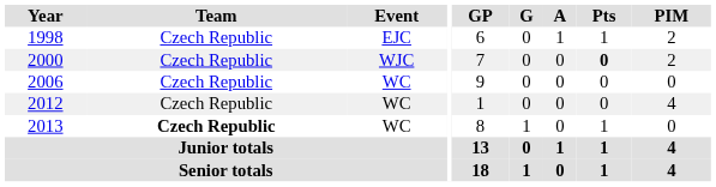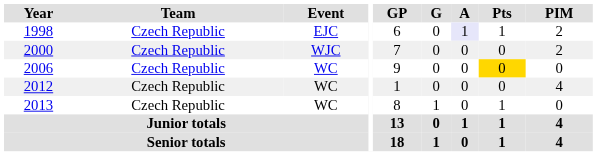 <table border="0" cellpadding="1" cellspacing="0" ID="Table3" style="text-align:center; width:40em">
 <tr bgcolor="#e0e0e0">
 <th>Year</th>
 <th>Team</th>
 <th>Event</th>
 <th rowspan="102" bgcolor="#ffffff"></th>
 <th>GP</th>
 <th>G</th>
 <th>A</th>
 <th>Pts</th>
 <th>PIM</th>
 </tr>
 <tr>
 <td><a href='#'>1998</a></td>
 <td><a href='#'>Czech Republic</a></td>
 <td><a href='#'>EJC</a></td>
 <td>6</td>
 <td>0</td>
-<td>1</td>
+<td style="background: lavender;">1</td>
 <td>1</td>
 <td>2</td>
 </tr>
 <tr bgcolor="#f0f0f0">
 <td><a href='#'>2000</a></td>
 <td><a href='#'>Czech Republic</a></td>
 <td><a href='#'>WJC</a></td>
 <td>7</td>
 <td>0</td>
 <td>0</td>
-<td><strong>0</strong></td>
+<td>0</td>
 <td>2</td>
 </tr>
 <tr>
 <td><a href='#'>2006</a></td>
 <td><a href='#'>Czech Republic</a></td>
 <td><a href='#'>WC</a></td>
 <td>9</td>
 <td>0</td>
 <td>0</td>
-<td>0</td>
+<td style="background: gold;">0</td>
 <td>0</td>
 </tr>
 <tr bgcolor="#f0f0f0">
 <td><a href='#'>2012</a></td>
 <td>Czech Republic</td>
 <td>WC</td>
 <td>1</td>
 <td>0</td>
 <td>0</td>
 <td>0</td>
 <td>4</td>
 </tr>
 <tr>
 <td><a href='#'>2013</a></td>
-<td><strong>Czech Republic</strong></td>
+<td>Czech Republic</td>
 <td>WC</td>
 <td>8</td>
 <td>1</td>
 <td>0</td>
 <td>1</td>
 <td>0</td>
 </tr>
 <tr bgcolor="#e0e0e0">
 <th colspan="3">Junior totals</th>
 <th>13</th>
 <th>0</th>
 <th>1</th>
 <th>1</th>
 <th>4</th>
 </tr>
 <tr bgcolor="#e0e0e0">
 <th colspan="3">Senior totals</th>
 <th>18</th>
 <th>1</th>
 <th>0</th>
 <th>1</th>
 <th>4</th>
 </tr>
 </table>
